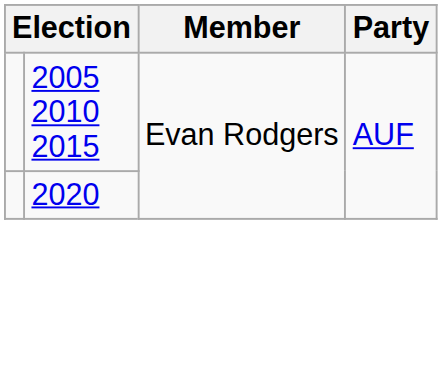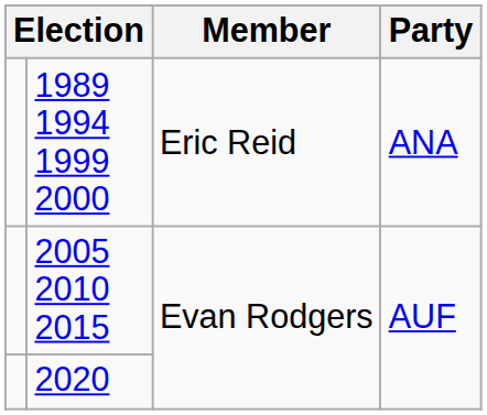 <table class="wikitable">
 <tr>
 <th colspan=2>Election</th>
 <th>Member</th>
 <th>Party</th>
+</tr>
+<tr>
+<td style="background-color: "></td>
+<td><a href='#'>1989</a><br><a href='#'>1994</a><br><a href='#'>1999</a><br><a href='#'>2000</a></td>
+<td>Eric Reid</td>
+<td><a href='#'>ANA</a></td>
 </tr>
 <tr>
 <td style="background-color: "></td>
 <td><a href='#'>2005</a><br><a href='#'>2010</a><br><a href='#'>2015</a></td>
 <td rowspan="2">Evan Rodgers</td>
 <td rowspan="2"><a href='#'>AUF</a></td>
 </tr>
 <tr>
 <td style="background-color: "></td>
 <td><a href='#'>2020</a></td>
 </tr>
 </table>
